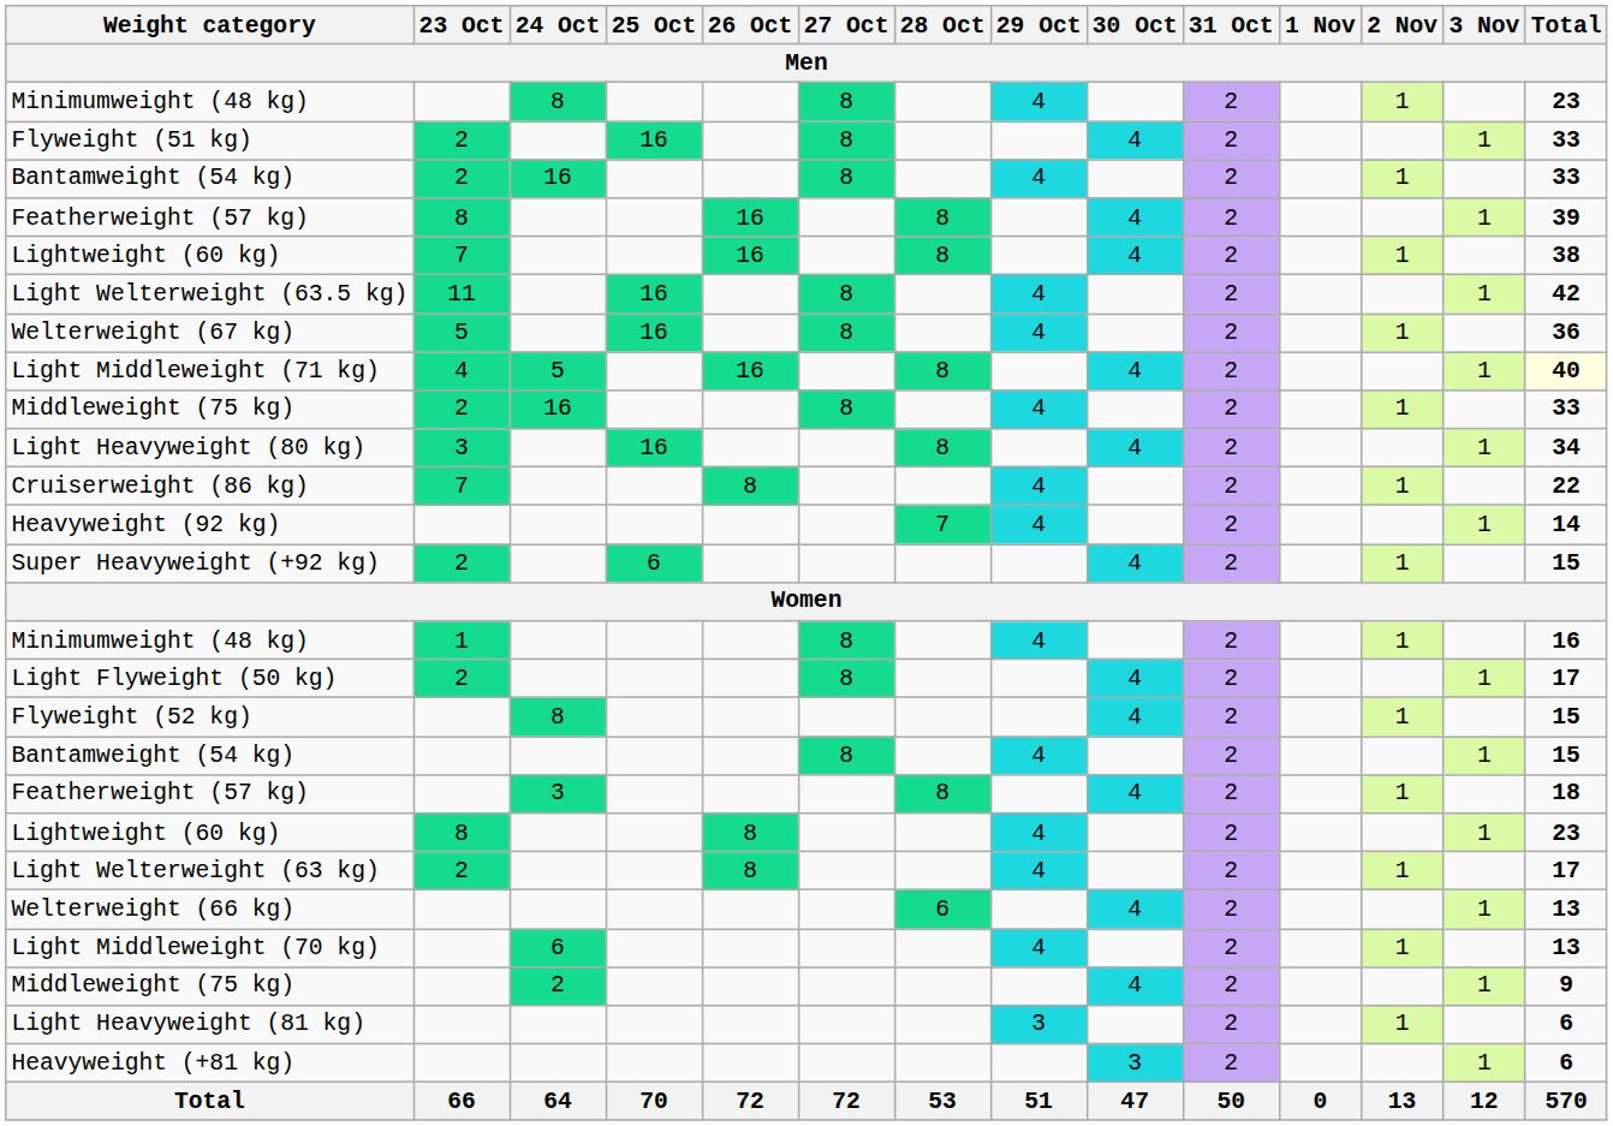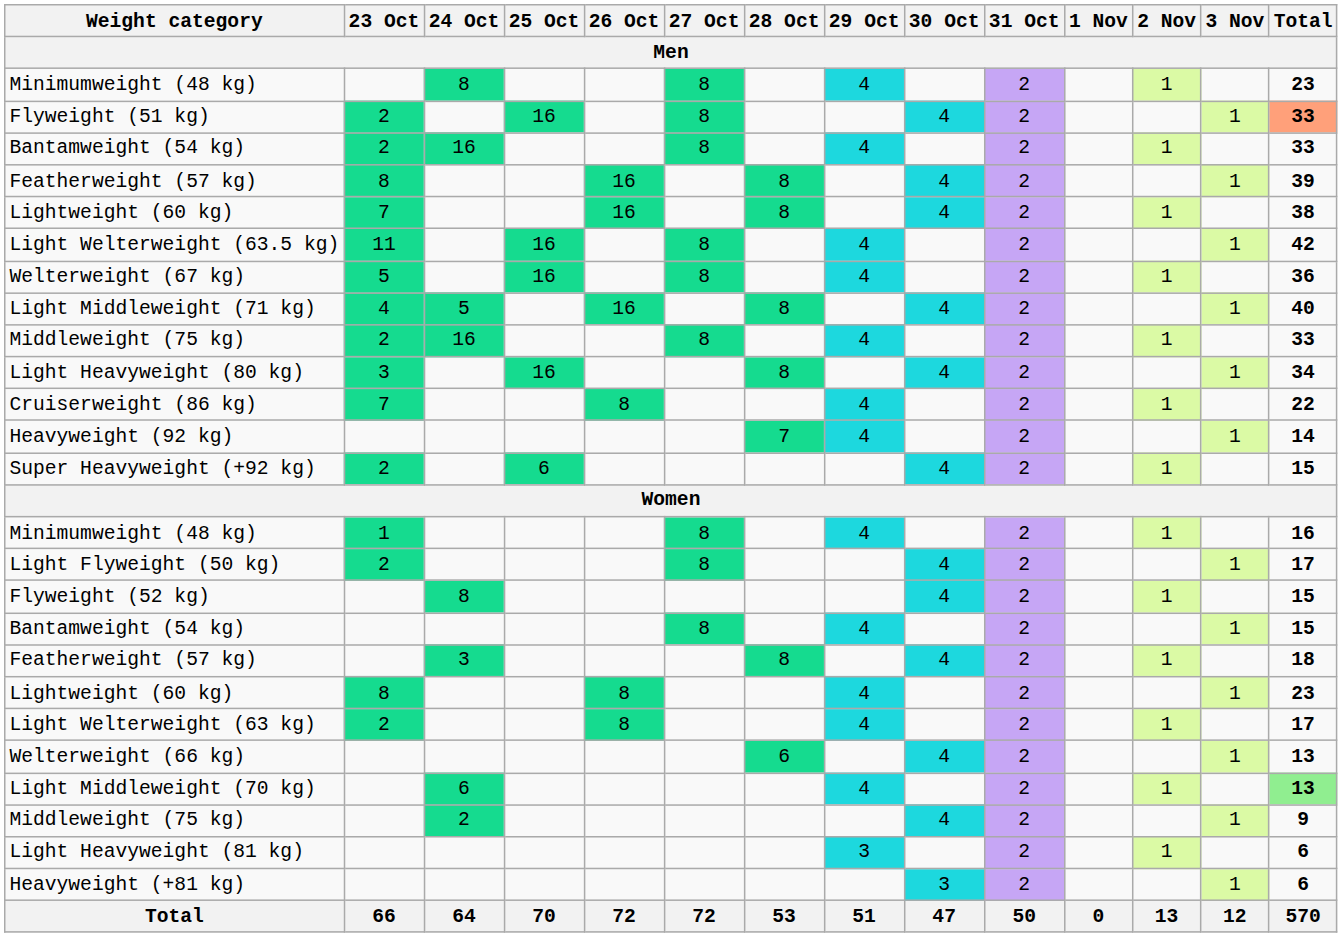 <table class=wikitable style="text-align:center">
 <tr>
 <th>Weight category</th>
 <th>23 Oct</th>
 <th>24 Oct</th>
 <th>25 Oct</th>
 <th>26 Oct</th>
 <th>27 Oct</th>
 <th>28 Oct</th>
 <th>29 Oct</th>
 <th>30 Oct</th>
 <th>31 Oct</th>
 <th>1 Nov</th>
 <th>2 Nov</th>
 <th>3 Nov</th>
 <th>Total</th>
 </tr>
 <tr>
 <th colspan=14>Men</th>
 </tr>
 <tr>
 <td align=left>Minimumweight (48 kg)</td>
 <td></td>
 <td bgcolor=15DB8F>8</td>
 <td></td>
 <td></td>
 <td bgcolor=15DB8F>8</td>
 <td></td>
 <td bgcolor=1DD8DE>4</td>
 <td></td>
 <td bgcolor=C6A6F5>2</td>
 <td></td>
 <td bgcolor=DBFAA5>1</td>
 <td></td>
 <td><strong>23</strong></td>
 </tr>
 <tr>
 <td align=left>Flyweight (51 kg)</td>
 <td bgcolor=15DB8F>2</td>
 <td></td>
 <td bgcolor=15DB8F>16</td>
 <td></td>
 <td bgcolor=15DB8F>8</td>
 <td></td>
 <td></td>
 <td bgcolor=1DD8DE>4</td>
 <td bgcolor=C6A6F5>2</td>
 <td></td>
 <td></td>
 <td bgcolor=DBFAA5>1</td>
-<td><strong>33</strong></td>
+<td style="background: lightsalmon;"><strong>33</strong></td>
 </tr>
 <tr>
 <td align=left>Bantamweight (54 kg)</td>
 <td bgcolor=15DB8F>2</td>
 <td bgcolor=15DB8F>16</td>
 <td></td>
 <td></td>
 <td bgcolor=15DB8F>8</td>
 <td></td>
 <td bgcolor=1DD8DE>4</td>
 <td></td>
 <td bgcolor=C6A6F5>2</td>
 <td></td>
 <td bgcolor=DBFAA5>1</td>
 <td></td>
 <td><strong>33</strong></td>
 </tr>
 <tr>
 <td align=left>Featherweight (57 kg)</td>
 <td bgcolor=15DB8F>8</td>
 <td></td>
 <td></td>
 <td bgcolor=15DB8F>16</td>
 <td></td>
 <td bgcolor=15DB8F>8</td>
 <td></td>
 <td bgcolor=1DD8DE>4</td>
 <td bgcolor=C6A6F5>2</td>
 <td></td>
 <td></td>
 <td bgcolor=DBFAA5>1</td>
 <td><strong>39</strong></td>
 </tr>
 <tr>
 <td align=left>Lightweight (60 kg)</td>
 <td bgcolor=15DB8F>7</td>
 <td></td>
 <td></td>
 <td bgcolor=15DB8F>16</td>
 <td></td>
 <td bgcolor=15DB8F>8</td>
 <td></td>
 <td bgcolor=1DD8DE>4</td>
 <td bgcolor=C6A6F5>2</td>
 <td></td>
 <td bgcolor=DBFAA5>1</td>
 <td></td>
 <td><strong>38</strong></td>
 </tr>
 <tr>
 <td align=left>Light Welterweight (63.5 kg)</td>
 <td bgcolor=15DB8F>11</td>
 <td></td>
 <td bgcolor=15DB8F>16</td>
 <td></td>
 <td bgcolor=15DB8F>8</td>
 <td></td>
 <td bgcolor=1DD8DE>4</td>
 <td></td>
 <td bgcolor=C6A6F5>2</td>
 <td></td>
 <td></td>
 <td bgcolor=DBFAA5>1</td>
 <td><strong>42</strong></td>
 </tr>
 <tr>
 <td align=left>Welterweight (67 kg)</td>
 <td bgcolor=15DB8F>5</td>
 <td></td>
 <td bgcolor=15DB8F>16</td>
 <td></td>
 <td bgcolor=15DB8F>8</td>
 <td></td>
 <td bgcolor=1DD8DE>4</td>
 <td></td>
 <td bgcolor=C6A6F5>2</td>
 <td></td>
 <td bgcolor=DBFAA5>1</td>
 <td></td>
 <td><strong>36</strong></td>
 </tr>
 <tr>
 <td align=left>Light Middleweight (71 kg)</td>
 <td bgcolor=15DB8F>4</td>
 <td bgcolor=15DB8F>5</td>
 <td></td>
 <td bgcolor=15DB8F>16</td>
 <td></td>
 <td bgcolor=15DB8F>8</td>
 <td></td>
 <td bgcolor=1DD8DE>4</td>
 <td bgcolor=C6A6F5>2</td>
 <td></td>
 <td></td>
 <td bgcolor=DBFAA5>1</td>
-<td style="background: lightyellow;"><strong>40</strong></td>
+<td><strong>40</strong></td>
 </tr>
 <tr>
 <td align=left>Middleweight (75 kg)</td>
 <td bgcolor=15DB8F>2</td>
 <td bgcolor=15DB8F>16</td>
 <td></td>
 <td></td>
 <td bgcolor=15DB8F>8</td>
 <td></td>
 <td bgcolor=1DD8DE>4</td>
 <td></td>
 <td bgcolor=C6A6F5>2</td>
 <td></td>
 <td bgcolor=DBFAA5>1</td>
 <td></td>
 <td><strong>33</strong></td>
 </tr>
 <tr>
 <td align=left>Light Heavyweight (80 kg)</td>
 <td bgcolor=15DB8F>3</td>
 <td></td>
 <td bgcolor=15DB8F>16</td>
 <td></td>
 <td></td>
 <td bgcolor=15DB8F>8</td>
 <td></td>
 <td bgcolor=1DD8DE>4</td>
 <td bgcolor=C6A6F5>2</td>
 <td></td>
 <td></td>
 <td bgcolor=DBFAA5>1</td>
 <td><strong>34</strong></td>
 </tr>
 <tr>
 <td align=left>Cruiserweight (86 kg)</td>
 <td bgcolor=15DB8F>7</td>
 <td></td>
 <td></td>
 <td bgcolor=15DB8F>8</td>
 <td></td>
 <td></td>
 <td bgcolor=1DD8DE>4</td>
 <td></td>
 <td bgcolor=C6A6F5>2</td>
 <td></td>
 <td bgcolor=DBFAA5>1</td>
 <td></td>
 <td><strong>22</strong></td>
 </tr>
 <tr>
 <td align=left>Heavyweight (92 kg)</td>
 <td></td>
 <td></td>
 <td></td>
 <td></td>
 <td></td>
 <td bgcolor=15DB8F>7</td>
 <td bgcolor=1DD8DE>4</td>
 <td></td>
 <td bgcolor=C6A6F5>2</td>
 <td></td>
 <td></td>
 <td bgcolor=DBFAA5>1</td>
 <td><strong>14</strong></td>
 </tr>
 <tr>
 <td align=left>Super Heavyweight (+92 kg)</td>
 <td bgcolor=15DB8F>2</td>
 <td></td>
 <td bgcolor=15DB8F>6</td>
 <td></td>
 <td></td>
 <td></td>
 <td></td>
 <td bgcolor=1DD8DE>4</td>
 <td bgcolor=C6A6F5>2</td>
 <td></td>
 <td bgcolor=DBFAA5>1</td>
 <td></td>
 <td><strong>15</strong></td>
 </tr>
 <tr>
 <th colspan=14>Women</th>
 </tr>
 <tr>
 <td align=left>Minimumweight (48 kg)</td>
 <td bgcolor=15DB8F>1</td>
 <td></td>
 <td></td>
 <td></td>
 <td bgcolor=15DB8F>8</td>
 <td></td>
 <td bgcolor=1DD8DE>4</td>
 <td></td>
 <td bgcolor=C6A6F5>2</td>
 <td></td>
 <td bgcolor=DBFAA5>1</td>
 <td></td>
 <td><strong>16</strong></td>
 </tr>
 <tr>
 <td align=left>Light Flyweight (50 kg)</td>
 <td bgcolor=15DB8F>2</td>
 <td></td>
 <td></td>
 <td></td>
 <td bgcolor=15DB8F>8</td>
 <td></td>
 <td></td>
 <td bgcolor=1DD8DE>4</td>
 <td bgcolor=C6A6F5>2</td>
 <td></td>
 <td></td>
 <td bgcolor=DBFAA5>1</td>
 <td><strong>17</strong></td>
 </tr>
 <tr>
 <td align=left>Flyweight (52 kg)</td>
 <td></td>
 <td bgcolor=15DB8F>8</td>
 <td></td>
 <td></td>
 <td></td>
 <td></td>
 <td></td>
 <td bgcolor=1DD8DE>4</td>
 <td bgcolor=C6A6F5>2</td>
 <td></td>
 <td bgcolor=DBFAA5>1</td>
 <td></td>
 <td><strong>15</strong></td>
 </tr>
 <tr>
 <td align=left>Bantamweight (54 kg)</td>
 <td></td>
 <td></td>
 <td></td>
 <td></td>
 <td bgcolor=15DB8F>8</td>
 <td></td>
 <td bgcolor=1DD8DE>4</td>
 <td></td>
 <td bgcolor=C6A6F5>2</td>
 <td></td>
 <td></td>
 <td bgcolor=DBFAA5>1</td>
 <td><strong>15</strong></td>
 </tr>
 <tr>
 <td align=left>Featherweight (57 kg)</td>
 <td></td>
 <td bgcolor=15DB8F>3</td>
 <td></td>
 <td></td>
 <td></td>
 <td bgcolor=15DB8F>8</td>
 <td></td>
 <td bgcolor=1DD8DE>4</td>
 <td bgcolor=C6A6F5>2</td>
 <td></td>
 <td bgcolor=DBFAA5>1</td>
 <td></td>
 <td><strong>18</strong></td>
 </tr>
 <tr>
 <td align=left>Lightweight (60 kg)</td>
 <td bgcolor=15DB8F>8</td>
 <td></td>
 <td></td>
 <td bgcolor=15DB8F>8</td>
 <td></td>
 <td></td>
 <td bgcolor=1DD8DE>4</td>
 <td></td>
 <td bgcolor=C6A6F5>2</td>
 <td></td>
 <td></td>
 <td bgcolor=DBFAA5>1</td>
 <td><strong>23</strong></td>
 </tr>
 <tr>
 <td align=left>Light Welterweight (63 kg)</td>
 <td bgcolor=15DB8F>2</td>
 <td></td>
 <td></td>
 <td bgcolor=15DB8F>8</td>
 <td></td>
 <td></td>
 <td bgcolor=1DD8DE>4</td>
 <td></td>
 <td bgcolor=C6A6F5>2</td>
 <td></td>
 <td bgcolor=DBFAA5>1</td>
 <td></td>
 <td><strong>17</strong></td>
 </tr>
 <tr>
 <td align=left>Welterweight (66 kg)</td>
 <td></td>
 <td></td>
 <td></td>
 <td></td>
 <td></td>
 <td bgcolor=15DB8F>6</td>
 <td></td>
 <td bgcolor=1DD8DE>4</td>
 <td bgcolor=C6A6F5>2</td>
 <td></td>
 <td></td>
 <td bgcolor=DBFAA5>1</td>
 <td><strong>13</strong></td>
 </tr>
 <tr>
 <td align=left>Light Middleweight (70 kg)</td>
 <td></td>
 <td bgcolor=15DB8F>6</td>
 <td></td>
 <td></td>
 <td></td>
 <td></td>
 <td bgcolor=1DD8DE>4</td>
 <td></td>
 <td bgcolor=C6A6F5>2</td>
 <td></td>
 <td bgcolor=DBFAA5>1</td>
 <td></td>
-<td><strong>13</strong></td>
+<td style="background: lightgreen;"><strong>13</strong></td>
 </tr>
 <tr>
 <td align=left>Middleweight (75 kg)</td>
 <td></td>
 <td bgcolor=15DB8F>2</td>
 <td></td>
 <td></td>
 <td></td>
 <td></td>
 <td></td>
 <td bgcolor=1DD8DE>4</td>
 <td bgcolor=C6A6F5>2</td>
 <td></td>
 <td></td>
 <td bgcolor=DBFAA5>1</td>
 <td><strong>9</strong></td>
 </tr>
 <tr>
 <td align=left>Light Heavyweight (81 kg)</td>
 <td></td>
 <td></td>
 <td></td>
 <td></td>
 <td></td>
 <td></td>
 <td bgcolor=1DD8DE>3</td>
 <td></td>
 <td bgcolor=C6A6F5>2</td>
 <td></td>
 <td bgcolor=DBFAA5>1</td>
 <td></td>
 <td><strong>6</strong></td>
 </tr>
 <tr>
 <td align=left>Heavyweight (+81 kg)</td>
 <td></td>
 <td></td>
 <td></td>
 <td></td>
 <td></td>
 <td></td>
 <td></td>
 <td bgcolor=1DD8DE>3</td>
 <td bgcolor=C6A6F5>2</td>
 <td></td>
 <td></td>
 <td bgcolor=DBFAA5>1</td>
 <td><strong>6</strong></td>
 </tr>
 <tr>
 <th>Total</th>
 <th>66</th>
 <th>64</th>
 <th>70</th>
 <th>72</th>
 <th>72</th>
 <th>53</th>
 <th>51</th>
 <th>47</th>
 <th>50</th>
 <th>0</th>
 <th>13</th>
 <th>12</th>
 <th>570</th>
 </tr>
 </table>
